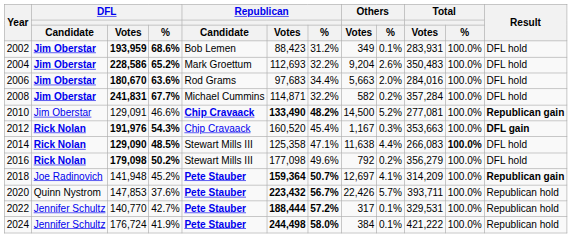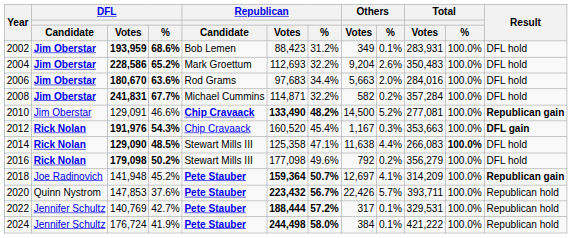 <table class="wikitable plainrowheaders sortable" style="font-size:100%; text-align:right;">
 <tr>
 <th scope=col rowspan=3>Year</th>
 <th scope=col colspan=3><a href='#'>DFL</a></th>
 <th scope=col colspan=3><a href='#'>Republican</a></th>
 <th scope=col colspan=2>Others</th>
 <th scope=col colspan=2>Total</th>
 <th scope=col rowspan=3>Result</th>
 </tr>
 <tr>
 <th scope=col colspan=3 style="background:"></th>
 <th scope=col colspan=3 style="background:"></th>
 <th scope=col colspan=2></th>
 <th scope=col colspan=2></th>
 </tr>
 <tr>
 <th scope=col>Candidate</th>
 <th scope=col data-sort-type="number">Votes</th>
 <th scope=col data-sort-type="number">%</th>
 <th scope=col>Candidate</th>
 <th scope=col data-sort-type="number">Votes</th>
 <th scope=col data-sort-type="number">%</th>
 <th scope=col data-sort-type="number">Votes</th>
 <th scope=col data-sort-type="number">%</th>
 <th scope=col data-sort-type="number">Votes</th>
 <th scope=col data-sort-type="number">%</th>
 </tr>
 <tr>
 <td align=left>2002</td>
 <td align=left><strong><a href='#'>Jim Oberstar</a></strong></td>
 <td><strong>193,959</strong></td>
 <td><strong>68.6%</strong></td>
 <td align=left>Bob Lemen</td>
 <td>88,423</td>
 <td>31.2%</td>
 <td>349</td>
 <td>0.1%</td>
 <td>283,931</td>
 <td>100.0%</td>
 <td align=left>DFL hold</td>
 </tr>
 <tr>
 <td align=left>2004</td>
 <td align=left><strong><a href='#'>Jim Oberstar</a></strong></td>
 <td><strong>228,586</strong></td>
 <td><strong>65.2%</strong></td>
 <td align=left>Mark Groettum</td>
 <td>112,693</td>
 <td>32.2%</td>
 <td>9,204</td>
 <td>2.6%</td>
 <td>350,483</td>
 <td>100.0%</td>
 <td align=left>DFL hold</td>
 </tr>
 <tr>
 <td align=left>2006</td>
 <td align=left><strong><a href='#'>Jim Oberstar</a></strong></td>
 <td><strong>180,670</strong></td>
 <td><strong>63.6%</strong></td>
 <td align=left>Rod Grams</td>
 <td>97,683</td>
 <td>34.4%</td>
 <td>5,663</td>
 <td>2.0%</td>
 <td>284,016</td>
 <td>100.0%</td>
 <td align=left>DFL hold</td>
 </tr>
 <tr>
 <td align=left>2008</td>
 <td align=left><strong><a href='#'>Jim Oberstar</a></strong></td>
 <td><strong>241,831</strong></td>
 <td><strong>67.7%</strong></td>
 <td align=left>Michael Cummins</td>
 <td>114,871</td>
 <td>32.2%</td>
 <td>582</td>
 <td>0.2%</td>
 <td>357,284</td>
 <td>100.0%</td>
 <td align=left>DFL hold</td>
 </tr>
 <tr>
 <td align=left>2010</td>
 <td align=left><a href='#'>Jim Oberstar</a></td>
 <td>129,091</td>
 <td>46.6%</td>
 <td align=left><strong><a href='#'>Chip Cravaack</a></strong></td>
 <td><strong>133,490</strong></td>
 <td><strong>48.2%</strong></td>
 <td>14,500</td>
 <td>5.2%</td>
 <td>277,081</td>
 <td>100.0%</td>
 <td align=left><strong>Republican gain</strong></td>
 </tr>
 <tr>
 <td align=left>2012</td>
 <td align=left><strong><a href='#'>Rick Nolan</a></strong></td>
 <td><strong>191,976</strong></td>
 <td><strong>54.3%</strong></td>
 <td align=left><a href='#'>Chip Cravaack</a></td>
 <td>160,520</td>
 <td>45.4%</td>
 <td>1,167</td>
 <td>0.3%</td>
 <td>353,663</td>
 <td>100.0%</td>
 <td align=left><strong>DFL gain</strong></td>
 </tr>
 <tr>
 <td align=left>2014</td>
 <td align=left><strong><a href='#'>Rick Nolan</a></strong></td>
 <td><strong>129,090</strong></td>
 <td><strong>48.5%</strong></td>
 <td align=left>Stewart Mills III</td>
 <td>125,358</td>
 <td>47.1%</td>
 <td>11,638</td>
 <td>4.4%</td>
 <td>266,083</td>
 <td><strong>100.0% </strong></td>
 <td align=left>DFL hold</td>
 </tr>
 <tr>
 <td align=left>2016</td>
 <td align=left><strong><a href='#'>Rick Nolan</a></strong></td>
 <td><strong>179,098</strong></td>
 <td><strong>50.2%</strong></td>
 <td align=left>Stewart Mills III</td>
 <td>177,098</td>
 <td>49.6%</td>
 <td>792</td>
 <td>0.2%</td>
 <td>356,279</td>
 <td>100.0%</td>
 <td align=left>DFL hold</td>
 </tr>
 <tr>
 <td align=left>2018</td>
 <td align=left><a href='#'>Joe Radinovich</a></td>
 <td>141,948</td>
 <td>45.2%</td>
 <td align=left><strong><a href='#'>Pete Stauber</a></strong></td>
 <td><strong>159,364</strong></td>
 <td><strong>50.7%</strong></td>
 <td>12,697</td>
 <td>4.1%</td>
 <td>314,209</td>
 <td>100.0%</td>
 <td align=left><strong>Republican gain</strong></td>
 </tr>
 <tr>
 <td align=left>2020</td>
 <td align=left>Quinn Nystrom</td>
 <td>147,853</td>
 <td>37.6%</td>
 <td align=left><strong><a href='#'>Pete Stauber</a></strong></td>
 <td><strong>223,432</strong></td>
 <td><strong>56.7%</strong></td>
 <td>22,426</td>
 <td>5.7%</td>
 <td>393,711</td>
 <td>100.0%</td>
 <td align=left>Republican hold</td>
 </tr>
 <tr>
 <td align=left>2022</td>
 <td align=left><a href='#'>Jennifer Schultz</a></td>
-<td>140,770</td>
+<td>140,769</td>
 <td>42.7%</td>
 <td align=left><strong><a href='#'>Pete Stauber</a></strong></td>
 <td><strong>188,444</strong></td>
 <td><strong>57.2%</strong></td>
 <td>317</td>
 <td>0.1%</td>
 <td>329,531</td>
 <td>100.0%</td>
 <td align=left>Republican hold</td>
 </tr>
 <tr>
 <td align=left>2024</td>
 <td align=left><a href='#'>Jennifer Schultz</a></td>
 <td>176,724</td>
 <td>41.9%</td>
 <td align=left><strong><a href='#'>Pete Stauber</a></strong></td>
 <td><strong>244,498</strong></td>
 <td><strong>58.0%</strong></td>
 <td>384</td>
 <td>0.1%</td>
 <td>421,222</td>
 <td>100.0%</td>
 <td align=left>Republican hold</td>
 </tr>
 </table>
